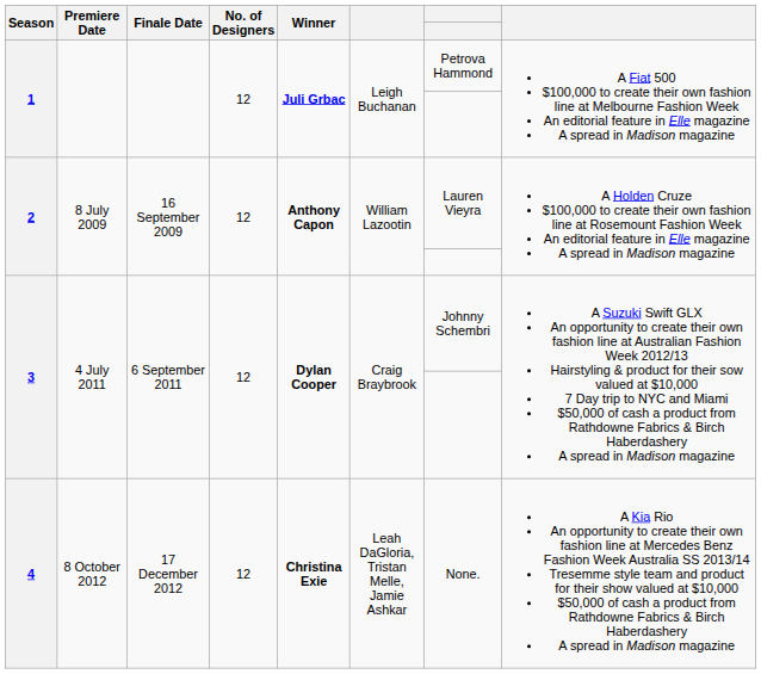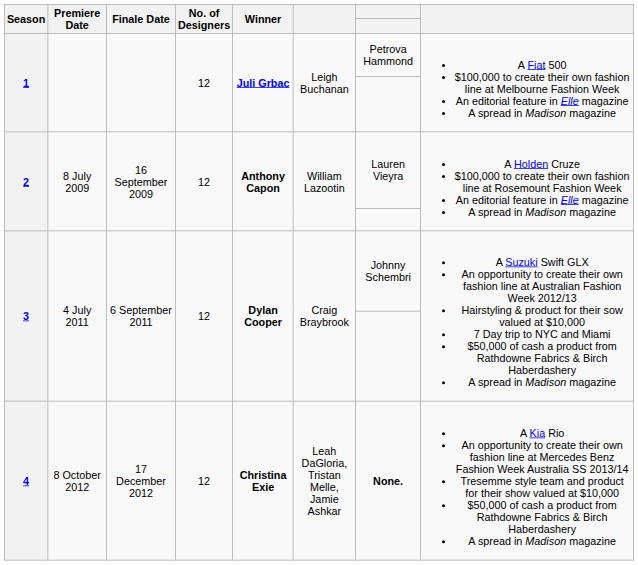 <table class="wikitable" style="font-size:90%; width:95%; text-align:center">
 <tr>
 <th rowspan=2>Season</th>
 <th rowspan=2>Premiere Date</th>
 <th rowspan=2>Finale Date</th>
 <th rowspan=2>No. of<br>Designers</th>
 <th rowspan=2>Winner</th>
 <th rowspan=2></th>
 <th></th>
 <th rowspan=2></th>
 </tr>
 <tr>
 <th></th>
 </tr>
 <tr>
 <th rowspan=2><strong><a href='#'>1</a></strong></th>
 <td rowspan=2></td>
 <td rowspan=2></td>
 <td rowspan=2>12</td>
 <td rowspan=2><strong><a href='#'>Juli Grbac</a></strong></td>
 <td rowspan=2>Leigh Buchanan</td>
 <td height=50>Petrova Hammond</td>
 <td rowspan=2><br><ul><li>A <a href='#'>Fiat</a> 500</li><li>$100,000 to create their own fashion line at Melbourne Fashion Week</li><li>An editorial feature in <em><a href='#'>Elle</a></em> magazine</li><li>A spread in <em>Madison</em> magazine</li></ul></td>
 </tr>
 <tr>
 <td></td>
 </tr>
 <tr>
 <th rowspan=2><strong><a href='#'>2</a></strong></th>
 <td rowspan=2>8 July 2009</td>
 <td rowspan=2>16 September 2009</td>
 <td rowspan=2>12</td>
 <td rowspan=2><strong>Anthony Capon</strong></td>
 <td rowspan=2>William Lazootin</td>
 <td height=95>Lauren Vieyra</td>
 <td rowspan=2><br><ul><li>A <a href='#'>Holden</a> Cruze</li><li>$100,000 to create their own fashion line at Rosemount Fashion Week</li><li>An editorial feature in <em><a href='#'>Elle</a></em> magazine</li><li>A spread in <em>Madison</em> magazine</li></ul></td>
 </tr>
 <tr>
 <td></td>
 </tr>
 <tr>
 <th rowspan=2><strong> <a href='#'>3</a></strong></th>
 <td rowspan=2>4 July 2011</td>
 <td rowspan=2>6 September 2011</td>
 <td rowspan=2>12</td>
 <td rowspan=2><strong>Dylan Cooper</strong></td>
 <td rowspan=2>Craig Braybrook</td>
 <td height=100>Johnny Schembri</td>
 <td rowspan=2><br><ul><li>A <a href='#'>Suzuki</a> Swift GLX</li><li>An opportunity to create their own fashion line at Australian Fashion Week 2012/13</li><li>Hairstyling & product for their sow valued at $10,000</li><li>7 Day trip to NYC and Miami</li><li>$50,000 of cash a product from Rathdowne Fabrics & Birch Haberdashery</li><li>A spread in <em>Madison</em> magazine</li></ul></td>
 </tr>
 <tr>
 <td></td>
 </tr>
 <tr>
 <th rowspan=2><strong> <a href='#'>4</a></strong></th>
 <td rowspan=2>8 October 2012</td>
 <td rowspan=2>17 December 2012</td>
 <td rowspan=2>12</td>
 <td rowspan=2><strong>Christina Exie</strong></td>
 <td rowspan=2>Leah DaGloria,<br>Tristan Melle,<br>Jamie Ashkar</td>
-<td>None.</td>
+<td><strong>None.</strong></td>
 <td rowspan=2><br><ul><li>A <a href='#'>Kia</a> Rio</li><li>An opportunity to create their own fashion line at Mercedes Benz Fashion Week Australia SS 2013/14</li><li>Tresemme style team and product for their show valued at $10,000</li><li>$50,000 of cash a product from Rathdowne Fabrics & Birch Haberdashery</li><li>A spread in <em>Madison</em> magazine</li></ul></td>
 </tr>
 </table>
